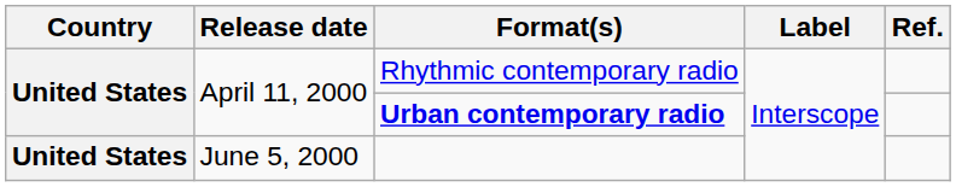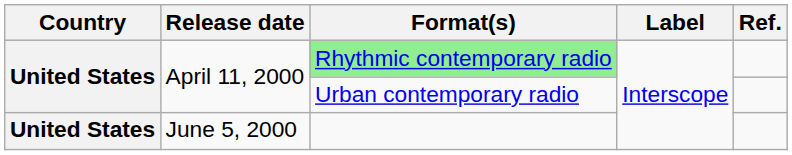 <table class="wikitable plainrowheaders">
 <tr>
 <th scope="col">Country</th>
 <th scope="col">Release date</th>
 <th scope="col">Format(s)</th>
 <th scope="col">Label</th>
 <th scope="col">Ref.</th>
 </tr>
 <tr>
 <th scope="row" rowspan="2">United States</th>
 <td rowspan="2">April 11, 2000</td>
-<td><a href='#'>Rhythmic contemporary radio</a></td>
+<td style="background: lightgreen;"><a href='#'>Rhythmic contemporary radio</a></td>
 <td rowspan="3"><a href='#'>Interscope</a></td>
 <td></td>
 </tr>
 <tr>
-<td><strong><a href='#'>Urban contemporary radio</a></strong></td>
+<td><a href='#'>Urban contemporary radio</a></td>
 <td></td>
 </tr>
 <tr>
 <th scope="row">United States</th>
 <td>June 5, 2000</td>
 <td></td>
 <td></td>
 </tr>
 </table>
